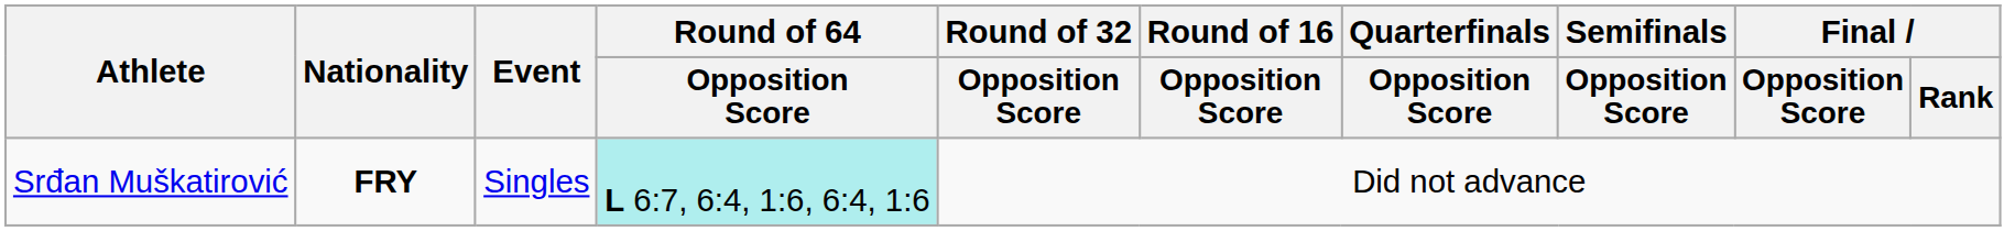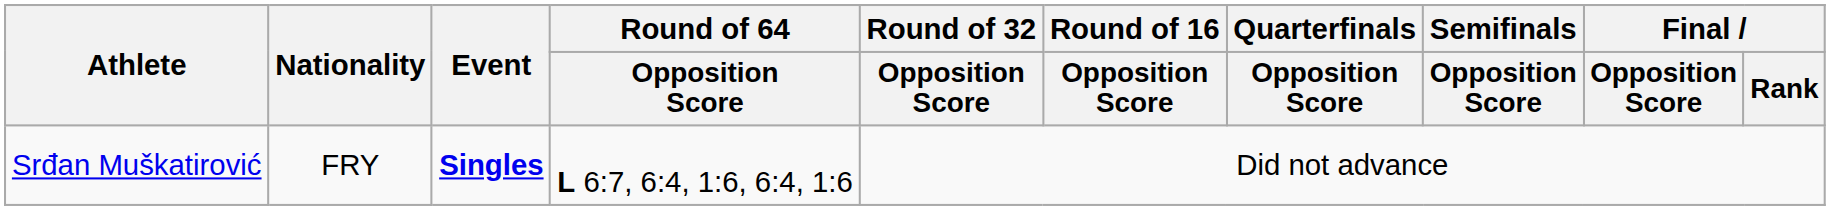 <table class=wikitable style="font-size:90%">
 <tr>
 <th rowspan=2>Athlete</th>
 <th rowspan=2>Nationality</th>
 <th rowspan=2>Event</th>
 <th>Round of 64</th>
 <th>Round of 32</th>
 <th>Round of 16</th>
 <th>Quarterfinals</th>
 <th>Semifinals</th>
 <th colspan=2>Final / </th>
 </tr>
 <tr style="font-size:95%">
 <th>Opposition<br>Score</th>
 <th>Opposition<br>Score</th>
 <th>Opposition<br>Score</th>
 <th>Opposition<br>Score</th>
 <th>Opposition<br>Score</th>
 <th>Opposition<br>Score</th>
 <th>Rank</th>
 </tr>
 <tr align=center>
 <td align=left><a href='#'>Srđan Muškatirović</a></td>
-<td align=center><strong> FRY</strong></td>
-<td><a href='#'>Singles</a></td>
-<td style="background: paleturquoise;"><br><strong>L</strong> 6:7, 6:4, 1:6, 6:4, 1:6</td>
+<td align=center> FRY</td>
+<td><strong><a href='#'>Singles</a></strong></td>
+<td><br><strong>L</strong> 6:7, 6:4, 1:6, 6:4, 1:6</td>
 <td colspan=6>Did not advance</td>
 </tr>
 </table>
